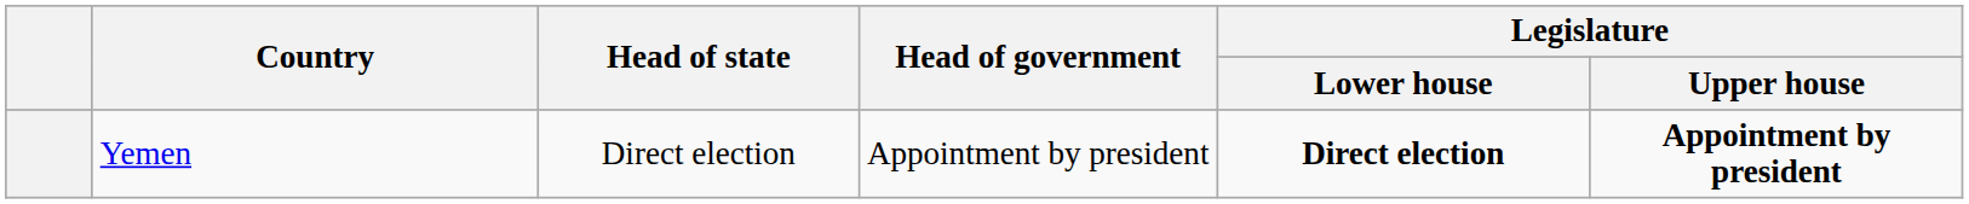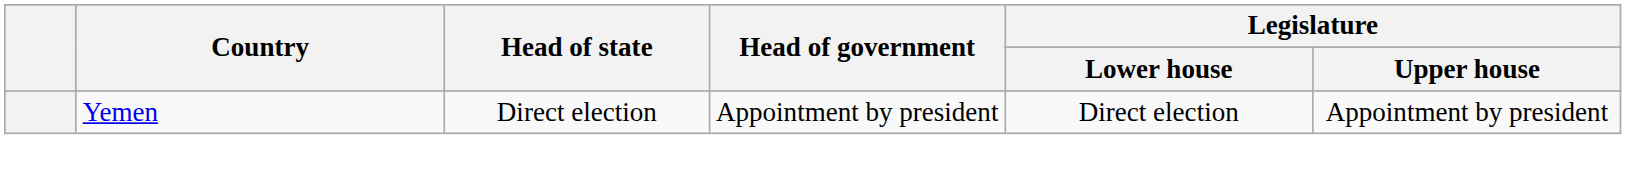 <table class="wikitable" style="text-align:center">
 <tr>
 <th width=35 rowspan=2></th>
 <th width=210 rowspan=2>Country</th>
 <th width=150 rowspan=2>Head of state</th>
 <th rowspan="2">Head of government</th>
 <th colspan=2>Legislature</th>
 </tr>
 <tr>
 <th width=175>Lower house</th>
 <th width=175>Upper house</th>
 </tr>
 <tr>
 <th></th>
 <td style="text-align:left"><a href='#'>Yemen</a></td>
 <td>Direct election</td>
 <td>Appointment by president</td>
-<td><strong>Direct election</strong></td>
-<td><strong>Appointment by president</strong></td>
+<td>Direct election</td>
+<td>Appointment by president</td>
 </tr>
 </table>
